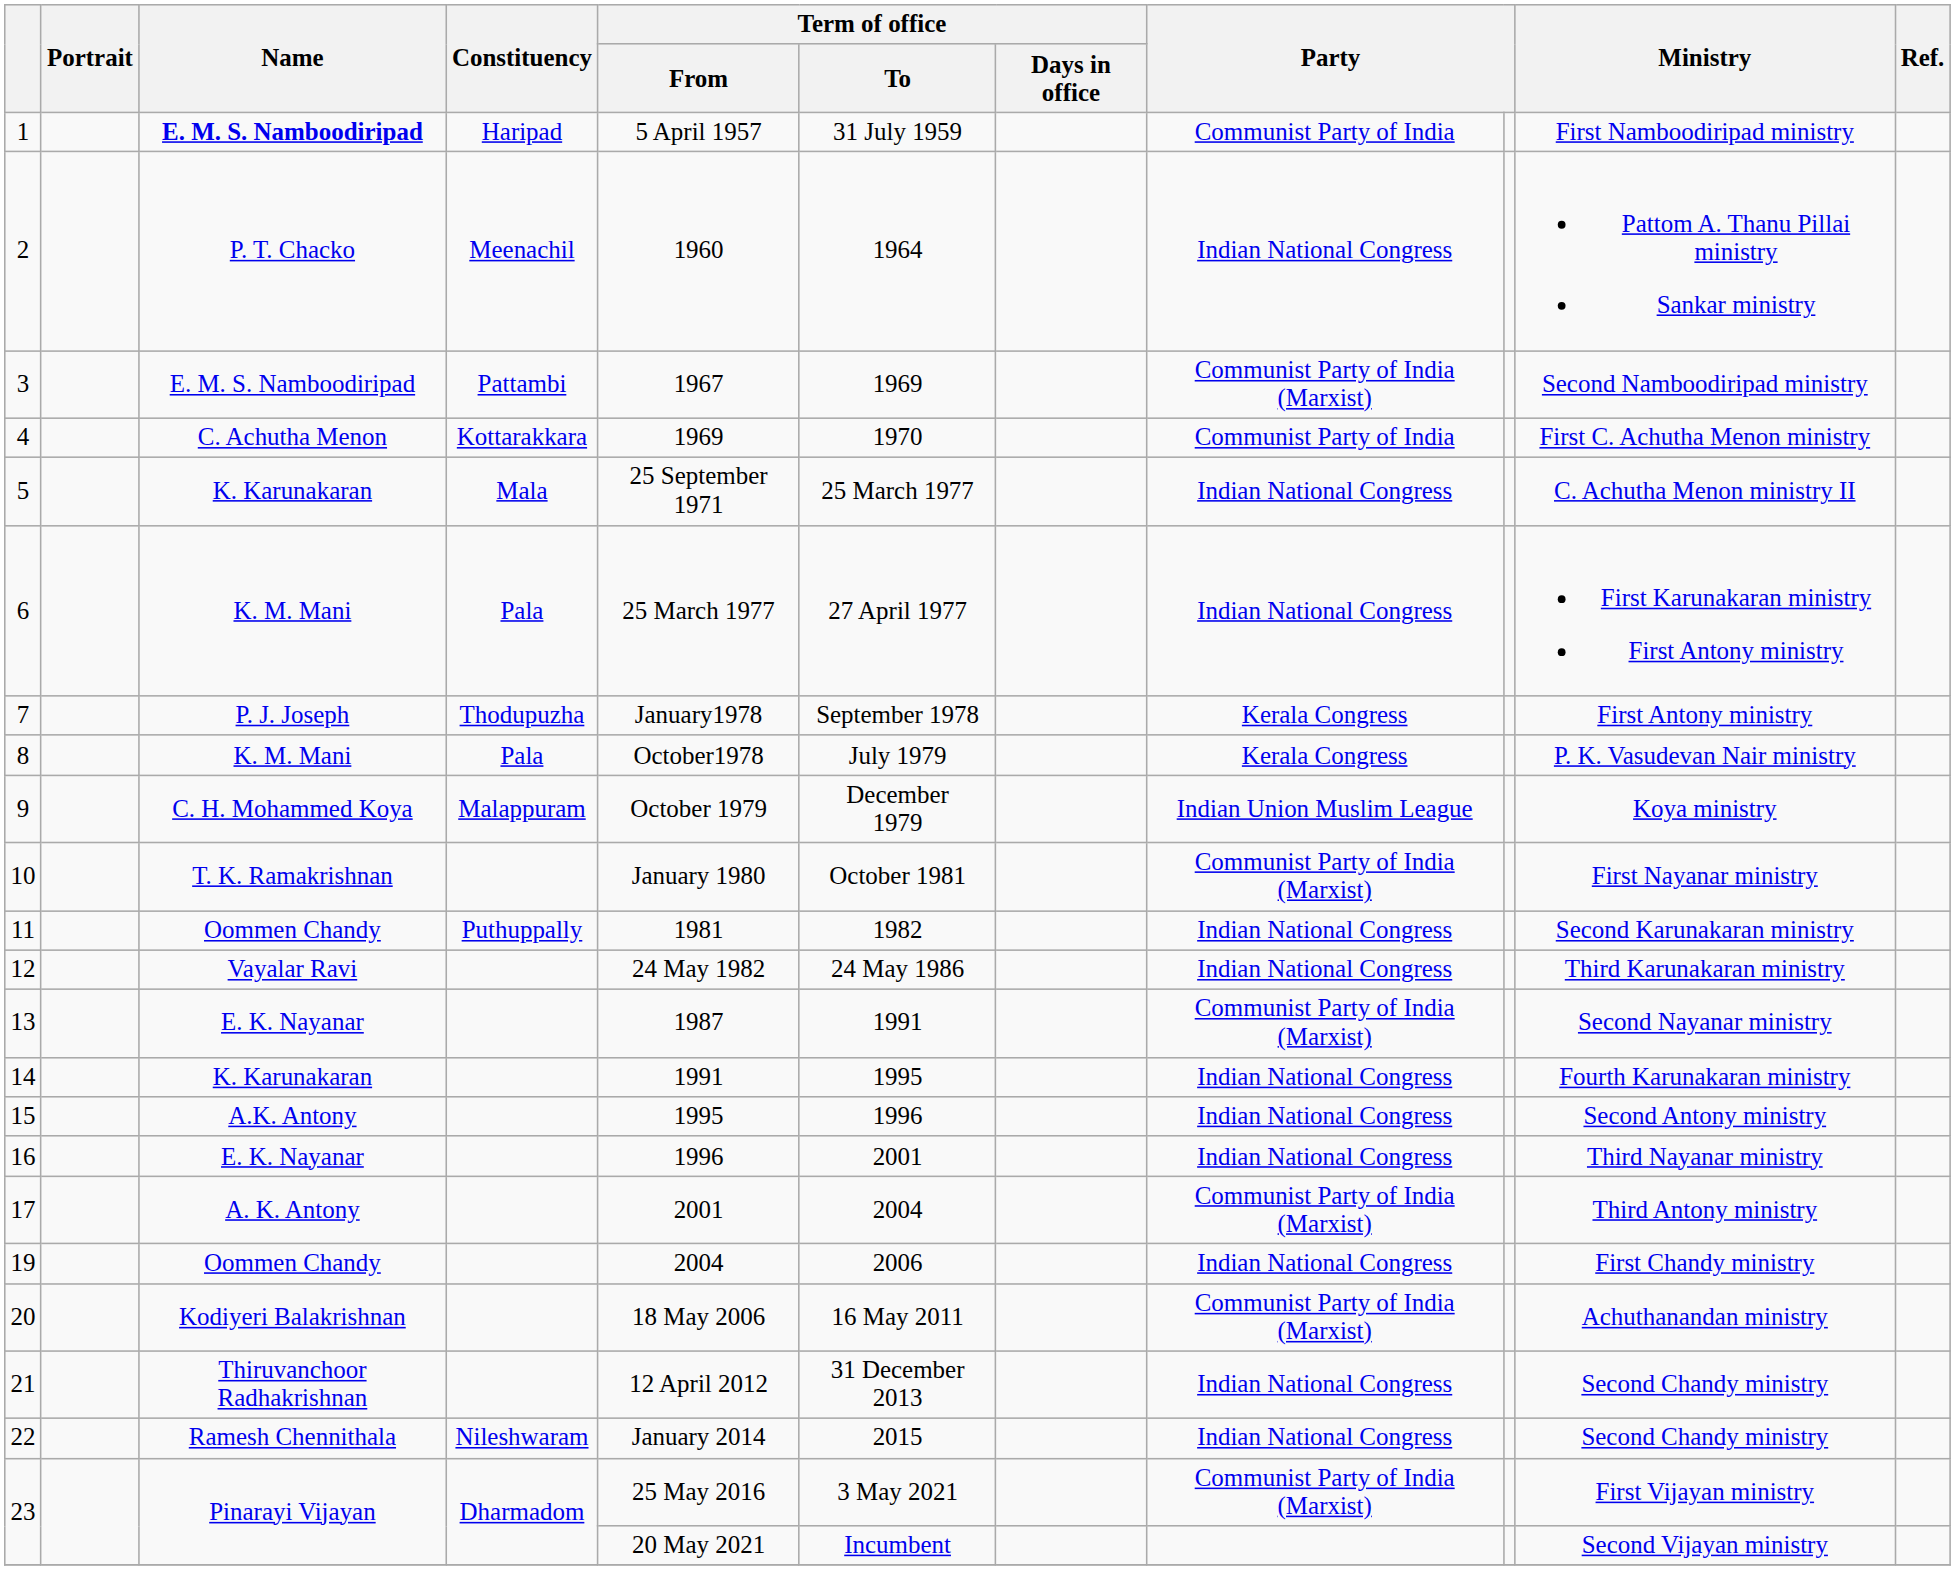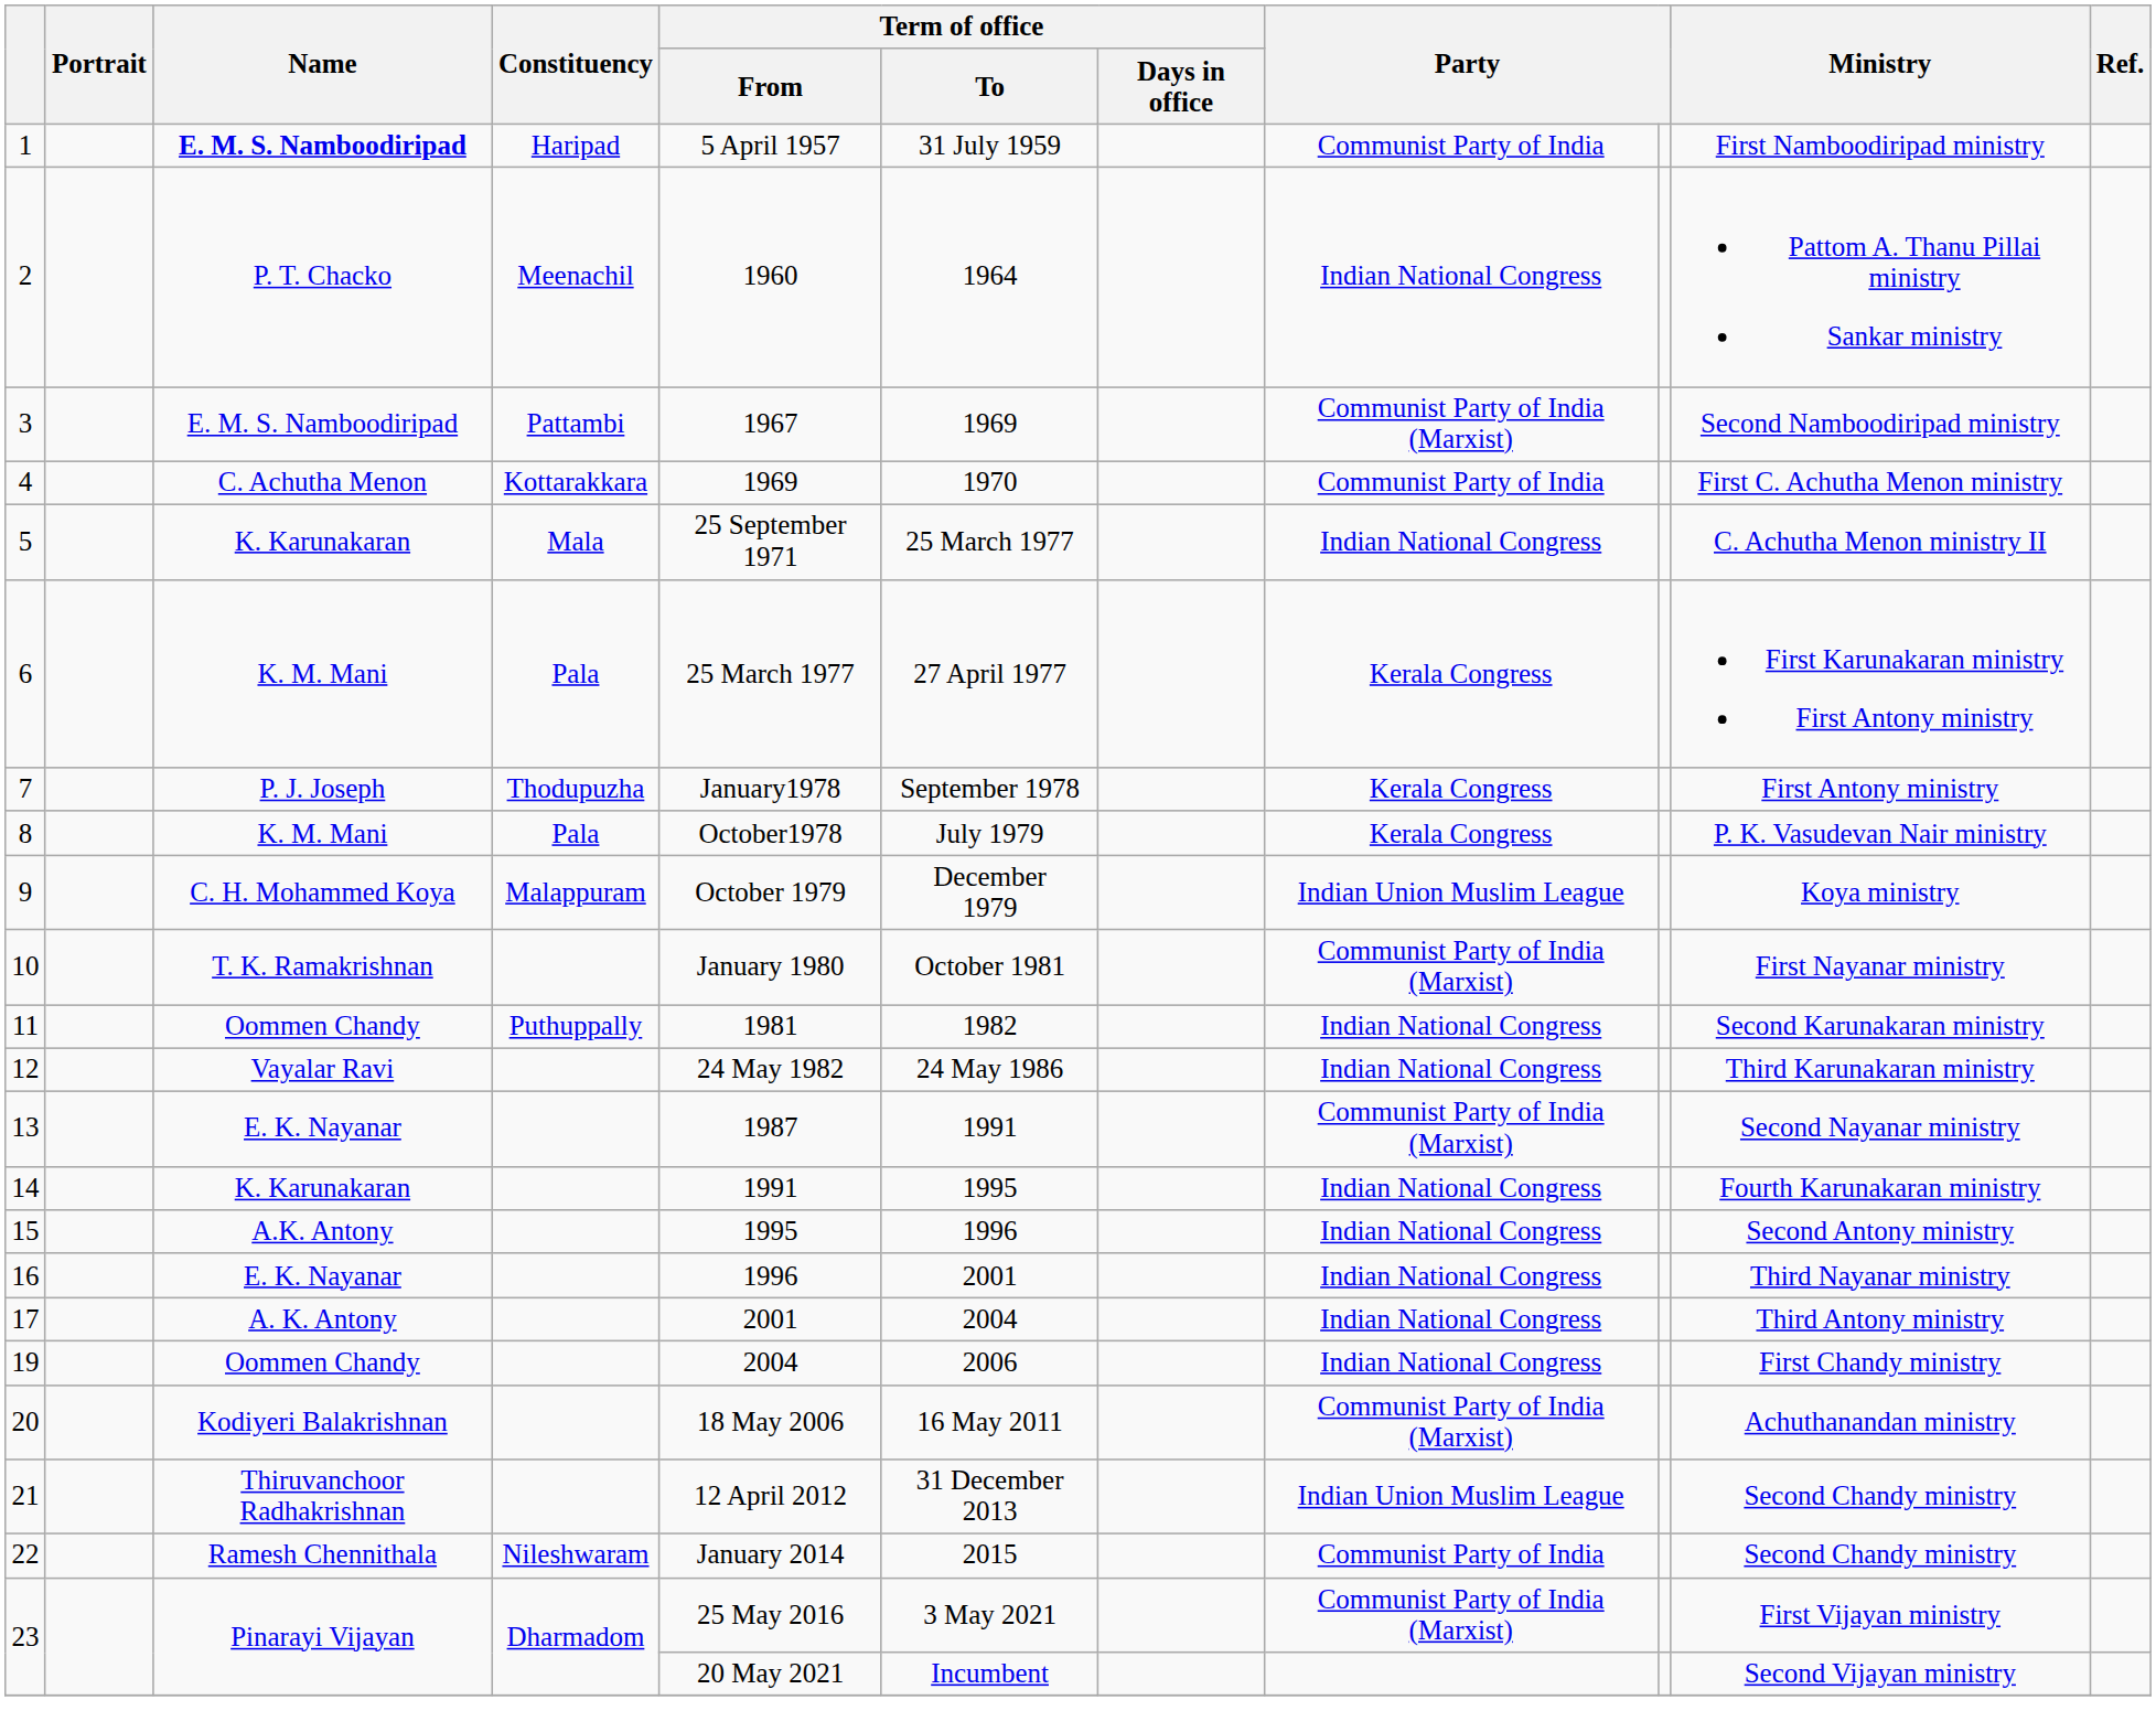 <table class="wikitable sortable" style="text-align:center" |>
 <tr>
 <th rowspan="2" scope="col"></th>
 <th rowspan="2">Portrait</th>
 <th rowspan="2">Name</th>
 <th rowspan="2">Constituency</th>
 <th colspan="3">Term of office</th>
 <th colspan="2" rowspan="2">Party</th>
 <th rowspan="2">Ministry</th>
 <th rowspan="2">Ref.</th>
 </tr>
 <tr>
 <th>From</th>
 <th>To</th>
 <th>Days in office</th>
 </tr>
 <tr>
 <td>1</td>
 <td></td>
 <td><strong><a href='#'>E. M. S. Namboodiripad</a></strong></td>
 <td><a href='#'>Haripad</a></td>
 <td>5 April 1957</td>
 <td>31 July 1959</td>
 <td></td>
 <td><a href='#'>Communist Party of India</a></td>
 <td></td>
 <td><a href='#'>First Namboodiripad ministry</a></td>
 <td></td>
 </tr>
 <tr>
 <td>2</td>
 <td></td>
 <td><a href='#'>P. T. Chacko</a></td>
 <td><a href='#'>Meenachil</a></td>
 <td>1960</td>
 <td>1964</td>
 <td></td>
 <td><a href='#'>Indian National Congress</a></td>
 <td></td>
 <td><br><ul><li><a href='#'>Pattom A. Thanu Pillai ministry</a></li></ul><ul><li><a href='#'>Sankar ministry</a></li></ul></td>
 <td></td>
 </tr>
 <tr>
 <td>3</td>
 <td></td>
 <td><a href='#'>E. M. S. Namboodiripad</a><br></td>
 <td><a href='#'>Pattambi</a></td>
 <td>1967</td>
 <td>1969</td>
 <td></td>
 <td><a href='#'>Communist Party of India (Marxist)</a></td>
 <td></td>
 <td><a href='#'>Second Namboodiripad ministry</a></td>
 <td></td>
 </tr>
 <tr>
 <td>4</td>
 <td></td>
 <td><a href='#'>C. Achutha Menon</a><br></td>
 <td><a href='#'>Kottarakkara</a></td>
 <td>1969</td>
 <td>1970</td>
 <td></td>
 <td><a href='#'>Communist Party of India</a></td>
 <td></td>
 <td><a href='#'>First C. Achutha Menon ministry</a></td>
 <td></td>
 </tr>
 <tr>
 <td>5</td>
 <td></td>
 <td><a href='#'>K. Karunakaran</a></td>
 <td><a href='#'>Mala</a></td>
 <td>25 September 1971</td>
 <td>25 March 1977</td>
 <td></td>
 <td><a href='#'>Indian National Congress</a></td>
 <td></td>
 <td><a href='#'>C. Achutha Menon ministry II</a></td>
 <td></td>
 </tr>
 <tr>
 <td>6</td>
 <td></td>
 <td><a href='#'>K. M. Mani</a></td>
 <td><a href='#'>Pala</a></td>
 <td>25 March 1977</td>
 <td>27 April 1977</td>
 <td></td>
-<td><a href='#'>Indian National Congress</a></td>
+<td><a href='#'>Kerala Congress</a></td>
 <td></td>
 <td><br><ul><li><a href='#'>First Karunakaran ministry</a></li></ul><ul><li><a href='#'>First Antony ministry</a></li></ul></td>
 <td></td>
 </tr>
 <tr>
 <td>7</td>
 <td></td>
 <td><a href='#'>P. J. Joseph</a></td>
 <td><a href='#'>Thodupuzha</a></td>
 <td>January1978</td>
 <td>September 1978</td>
 <td></td>
 <td><a href='#'>Kerala Congress</a></td>
 <td></td>
 <td><a href='#'>First Antony ministry</a></td>
 <td></td>
 </tr>
 <tr>
 <td>8</td>
 <td></td>
 <td><a href='#'>K. M. Mani</a></td>
 <td><a href='#'>Pala</a></td>
 <td>October1978</td>
 <td>July 1979</td>
 <td></td>
 <td><a href='#'>Kerala Congress</a></td>
 <td></td>
 <td><a href='#'>P. K. Vasudevan Nair ministry</a></td>
 <td></td>
 </tr>
 <tr>
 <td>9</td>
 <td></td>
 <td><a href='#'>C. H. Mohammed Koya</a><br></td>
 <td><a href='#'>Malappuram</a></td>
 <td>October 1979</td>
 <td>December<br>1979</td>
 <td></td>
 <td><a href='#'>Indian Union Muslim League</a></td>
 <td></td>
 <td><a href='#'>Koya ministry</a></td>
 <td></td>
 </tr>
 <tr>
 <td>10</td>
 <td></td>
 <td><a href='#'>T. K. Ramakrishnan</a></td>
 <td></td>
 <td>January 1980</td>
 <td>October 1981</td>
 <td></td>
 <td><a href='#'>Communist Party of India (Marxist)</a></td>
 <td></td>
 <td><a href='#'>First Nayanar ministry</a></td>
 <td></td>
 </tr>
 <tr>
 <td>11</td>
 <td></td>
 <td><a href='#'>Oommen Chandy</a></td>
 <td><a href='#'>Puthuppally</a></td>
 <td>1981</td>
 <td>1982</td>
 <td></td>
 <td><a href='#'>Indian National Congress</a></td>
 <td></td>
 <td><a href='#'>Second Karunakaran ministry</a></td>
 <td></td>
 </tr>
 <tr>
 <td>12</td>
 <td></td>
 <td><a href='#'>Vayalar Ravi</a></td>
 <td></td>
 <td>24 May 1982</td>
 <td>24 May 1986</td>
 <td></td>
 <td><a href='#'>Indian National Congress</a></td>
 <td></td>
 <td><a href='#'>Third Karunakaran ministry</a></td>
 <td></td>
 </tr>
 <tr>
 <td>13</td>
 <td></td>
 <td><a href='#'>E. K. Nayanar</a><br></td>
 <td></td>
 <td>1987</td>
 <td>1991</td>
 <td></td>
 <td><a href='#'>Communist Party of India (Marxist)</a></td>
 <td></td>
 <td><a href='#'>Second Nayanar ministry</a></td>
 <td></td>
 </tr>
 <tr>
 <td>14</td>
 <td></td>
 <td><a href='#'>K. Karunakaran</a><br></td>
 <td></td>
 <td>1991</td>
 <td>1995</td>
 <td></td>
 <td><a href='#'>Indian National Congress</a></td>
 <td></td>
 <td><a href='#'>Fourth Karunakaran ministry</a></td>
 <td></td>
 </tr>
 <tr>
 <td>15</td>
 <td></td>
 <td><a href='#'>A.K. Antony</a><br></td>
 <td></td>
 <td>1995</td>
 <td>1996</td>
 <td></td>
 <td><a href='#'>Indian National Congress</a></td>
 <td></td>
 <td><a href='#'>Second Antony ministry</a></td>
 <td></td>
 </tr>
 <tr>
 <td>16</td>
 <td></td>
 <td><a href='#'>E. K. Nayanar</a><br></td>
 <td></td>
 <td>1996</td>
 <td>2001</td>
 <td></td>
 <td><a href='#'>Indian National Congress</a></td>
 <td></td>
 <td><a href='#'>Third Nayanar ministry</a></td>
 <td></td>
 </tr>
 <tr>
 <td>17</td>
 <td></td>
 <td><a href='#'>A. K. Antony</a><br></td>
 <td></td>
 <td>2001</td>
 <td>2004</td>
 <td></td>
-<td><a href='#'>Communist Party of India (Marxist)</a></td>
+<td><a href='#'>Indian National Congress</a></td>
 <td></td>
 <td><a href='#'>Third Antony ministry</a></td>
 <td></td>
 </tr>
 <tr>
 <td>19</td>
 <td></td>
 <td><a href='#'>Oommen Chandy</a><br></td>
 <td></td>
 <td>2004</td>
 <td>2006</td>
 <td></td>
 <td><a href='#'>Indian National Congress</a></td>
 <td></td>
 <td><a href='#'>First Chandy ministry</a></td>
 <td></td>
 </tr>
 <tr>
 <td>20</td>
 <td></td>
 <td><a href='#'>Kodiyeri Balakrishnan</a></td>
 <td></td>
 <td>18 May 2006</td>
 <td>16 May 2011</td>
 <td></td>
 <td><a href='#'>Communist Party of India (Marxist)</a></td>
 <td></td>
 <td><a href='#'>Achuthanandan ministry</a></td>
 <td></td>
 </tr>
 <tr>
 <td>21</td>
 <td></td>
 <td><a href='#'>Thiruvanchoor Radhakrishnan</a></td>
 <td></td>
 <td>12 April 2012</td>
 <td>31 December 2013</td>
 <td></td>
-<td><a href='#'>Indian National Congress</a></td>
+<td><a href='#'>Indian Union Muslim League</a></td>
 <td></td>
 <td><a href='#'>Second Chandy ministry</a></td>
 <td></td>
 </tr>
 <tr>
 <td>22</td>
 <td></td>
 <td><a href='#'>Ramesh Chennithala</a></td>
 <td><a href='#'>Nileshwaram</a></td>
 <td>January 2014</td>
 <td>2015</td>
 <td></td>
-<td><a href='#'>Indian National Congress</a></td>
+<td><a href='#'>Communist Party of India</a></td>
 <td></td>
 <td><a href='#'>Second Chandy ministry</a></td>
 <td></td>
 </tr>
 <tr>
 <td rowspan="2">23</td>
 <td rowspan="2"></td>
 <td rowspan="2"><a href='#'>Pinarayi Vijayan</a><br></td>
 <td rowspan="2"><a href='#'>Dharmadom</a></td>
 <td>25 May 2016</td>
 <td>3 May 2021</td>
 <td></td>
 <td><a href='#'>Communist Party of India (Marxist)</a></td>
 <td></td>
 <td><a href='#'>First Vijayan ministry</a></td>
 <td></td>
 </tr>
 <tr>
 <td>20 May 2021</td>
 <td><a href='#'>Incumbent</a></td>
 <td></td>
 <td></td>
 <td></td>
 <td><a href='#'>Second Vijayan ministry</a></td>
 <td></td>
 </tr>
 <tr>
 </tr>
 </table>
